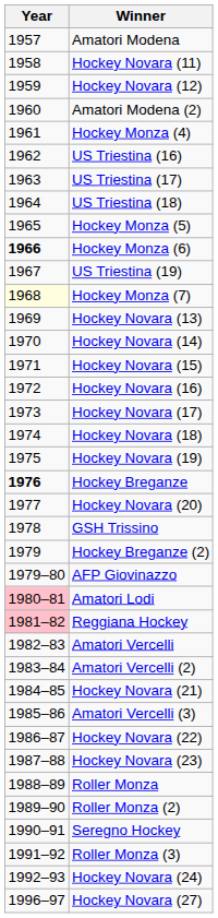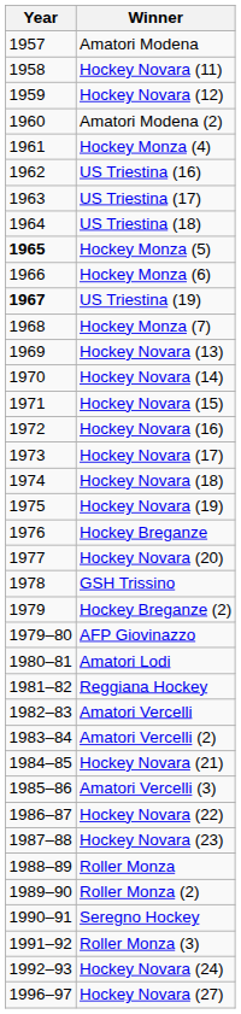 <table class="wikitable sortable">
 <tr>
 <th>Year</th>
 <th>Winner</th>
 </tr>
 <tr>
 <td>1957</td>
 <td>Amatori Modena</td>
 </tr>
 <tr>
 <td>1958</td>
 <td><a href='#'>Hockey Novara</a> (11)</td>
 </tr>
 <tr>
 <td>1959</td>
 <td><a href='#'>Hockey Novara</a> (12)</td>
 </tr>
 <tr>
 <td>1960</td>
 <td>Amatori Modena (2)</td>
 </tr>
 <tr>
 <td>1961</td>
 <td><a href='#'>Hockey Monza</a> (4)</td>
 </tr>
 <tr>
 <td>1962</td>
 <td><a href='#'>US Triestina</a> (16)</td>
 </tr>
 <tr>
 <td>1963</td>
 <td><a href='#'>US Triestina</a> (17)</td>
 </tr>
 <tr>
 <td>1964</td>
 <td><a href='#'>US Triestina</a> (18)</td>
 </tr>
 <tr>
-<td>1965</td>
+<td><strong>1965</strong></td>
 <td><a href='#'>Hockey Monza</a> (5)</td>
 </tr>
 <tr>
-<td><strong>1966</strong></td>
+<td>1966</td>
 <td><a href='#'>Hockey Monza</a> (6)</td>
 </tr>
 <tr>
-<td>1967</td>
+<td><strong>1967</strong></td>
 <td><a href='#'>US Triestina</a> (19)</td>
 </tr>
 <tr>
-<td style="background: lightyellow;">1968</td>
+<td>1968</td>
 <td><a href='#'>Hockey Monza</a> (7)</td>
 </tr>
 <tr>
 <td>1969</td>
 <td><a href='#'>Hockey Novara</a> (13)</td>
 </tr>
 <tr>
 <td>1970</td>
 <td><a href='#'>Hockey Novara</a> (14)</td>
 </tr>
 <tr>
 <td>1971</td>
 <td><a href='#'>Hockey Novara</a> (15)</td>
 </tr>
 <tr>
 <td>1972</td>
 <td><a href='#'>Hockey Novara</a> (16)</td>
 </tr>
 <tr>
 <td>1973</td>
 <td><a href='#'>Hockey Novara</a> (17)</td>
 </tr>
 <tr>
 <td>1974</td>
 <td><a href='#'>Hockey Novara</a> (18)</td>
 </tr>
 <tr>
 <td>1975</td>
 <td><a href='#'>Hockey Novara</a> (19)</td>
 </tr>
 <tr>
-<td><strong>1976</strong></td>
+<td>1976</td>
 <td><a href='#'>Hockey Breganze</a></td>
 </tr>
 <tr>
 <td>1977</td>
 <td><a href='#'>Hockey Novara</a> (20)</td>
 </tr>
 <tr>
 <td>1978</td>
 <td><a href='#'>GSH Trissino</a></td>
 </tr>
 <tr>
 <td>1979</td>
 <td><a href='#'>Hockey Breganze</a> (2)</td>
 </tr>
 <tr>
 <td>1979–80</td>
 <td><a href='#'>AFP Giovinazzo</a></td>
 </tr>
 <tr>
-<td style="background: pink;">1980–81</td>
+<td>1980–81</td>
 <td><a href='#'>Amatori Lodi</a></td>
 </tr>
 <tr>
-<td style="background: pink;">1981–82</td>
+<td>1981–82</td>
 <td><a href='#'>Reggiana Hockey</a></td>
 </tr>
 <tr>
 <td>1982–83</td>
 <td><a href='#'>Amatori Vercelli</a></td>
 </tr>
 <tr>
 <td>1983–84</td>
 <td><a href='#'>Amatori Vercelli</a> (2)</td>
 </tr>
 <tr>
 <td>1984–85</td>
 <td><a href='#'>Hockey Novara</a> (21)</td>
 </tr>
 <tr>
 <td>1985–86</td>
 <td><a href='#'>Amatori Vercelli</a> (3)</td>
 </tr>
 <tr>
 <td>1986–87</td>
 <td><a href='#'>Hockey Novara</a> (22)</td>
 </tr>
 <tr>
 <td>1987–88</td>
 <td><a href='#'>Hockey Novara</a> (23)</td>
 </tr>
 <tr>
 <td>1988–89</td>
 <td><a href='#'>Roller Monza</a></td>
 </tr>
 <tr>
 <td>1989–90</td>
 <td><a href='#'>Roller Monza</a> (2)</td>
 </tr>
 <tr>
 <td>1990–91</td>
 <td><a href='#'>Seregno Hockey</a></td>
 </tr>
 <tr>
 <td>1991–92</td>
 <td><a href='#'>Roller Monza</a> (3)</td>
 </tr>
 <tr>
 <td>1992–93</td>
 <td><a href='#'>Hockey Novara</a> (24)</td>
 </tr>
 <tr>
 <td>1996–97</td>
 <td><a href='#'>Hockey Novara</a> (27)</td>
 </tr>
 </table>
